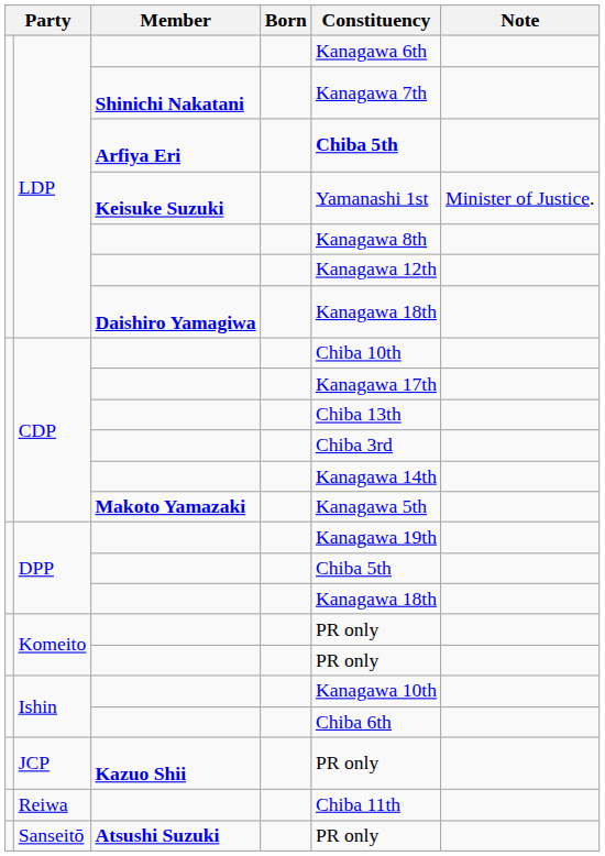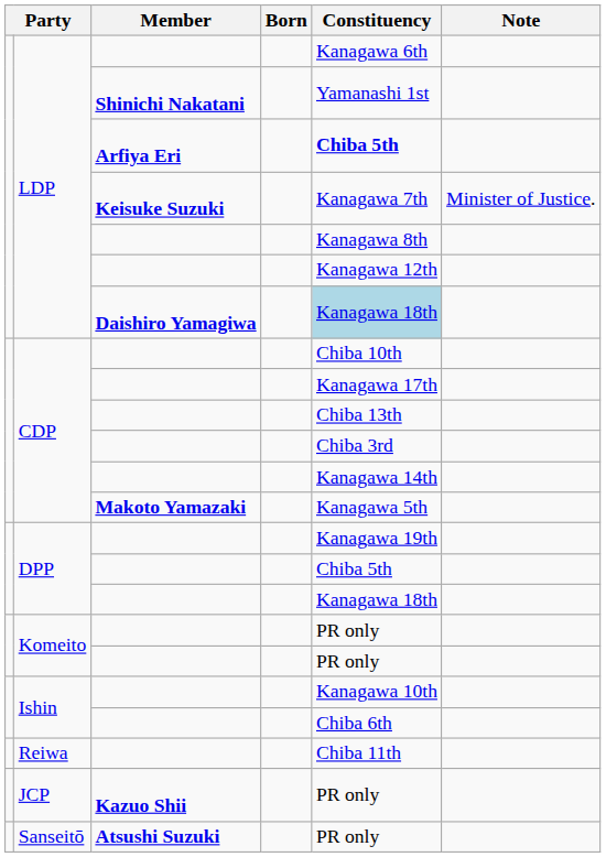 <table class="wikitable">
 <tr>
 <th colspan=2>Party</th>
 <th>Member</th>
 <th>Born</th>
 <th>Constituency</th>
 <th>Note</th>
 </tr>
 <tr>
 <td rowspan=7 style="background-color:"></td>
 <td rowspan=7><a href='#'>LDP</a></td>
 <td><br><strong></strong></td>
 <td></td>
 <td><a href='#'>Kanagawa 6th</a></td>
 <td></td>
 </tr>
 <tr>
 <td><br><strong><a href='#'>Shinichi Nakatani</a></strong></td>
 <td></td>
-<td><a href='#'>Kanagawa 7th</a></td>
+<td><a href='#'>Yamanashi 1st</a></td>
 <td></td>
 </tr>
 <tr>
 <td><br><strong><a href='#'>Arfiya Eri</a></strong></td>
 <td></td>
 <td><strong><a href='#'>Chiba 5th</a></strong></td>
 <td></td>
 </tr>
 <tr>
 <td><br><strong><a href='#'>Keisuke Suzuki</a></strong></td>
 <td></td>
-<td><a href='#'>Yamanashi 1st</a></td>
+<td><a href='#'>Kanagawa 7th</a></td>
 <td><a href='#'>Minister of Justice</a>.</td>
 </tr>
 <tr>
 <td><br><strong></strong></td>
 <td></td>
 <td><a href='#'>Kanagawa 8th</a></td>
 <td></td>
 </tr>
 <tr>
 <td><br><strong></strong></td>
 <td></td>
 <td><a href='#'>Kanagawa 12th</a></td>
 <td></td>
 </tr>
 <tr>
 <td><br><strong><a href='#'>Daishiro Yamagiwa</a></strong></td>
 <td></td>
-<td><a href='#'>Kanagawa 18th</a></td>
+<td style="background: lightblue;"><a href='#'>Kanagawa 18th</a></td>
 <td></td>
 </tr>
 <tr>
 <td rowspan=6 style="background-color:"></td>
 <td rowspan=6><a href='#'>CDP</a></td>
 <td><strong></strong></td>
 <td></td>
 <td><a href='#'>Chiba 10th</a></td>
 <td></td>
 </tr>
 <tr>
 <td><br><strong></strong></td>
 <td></td>
 <td><a href='#'>Kanagawa 17th</a></td>
 <td></td>
 </tr>
 <tr>
 <td><strong></strong></td>
 <td></td>
 <td><a href='#'>Chiba 13th</a></td>
 <td></td>
 </tr>
 <tr>
 <td><strong></strong></td>
 <td></td>
 <td><a href='#'>Chiba 3rd</a></td>
 <td></td>
 </tr>
 <tr>
 <td><strong></strong></td>
 <td></td>
 <td><a href='#'>Kanagawa 14th</a></td>
 <td></td>
 </tr>
 <tr>
 <td><strong><a href='#'>Makoto Yamazaki</a></strong></td>
 <td></td>
 <td><a href='#'>Kanagawa 5th</a></td>
 <td></td>
 </tr>
 <tr>
 <td rowspan=3 style="background-color:"></td>
 <td rowspan=3><a href='#'>DPP</a></td>
 <td><br><strong></strong></td>
 <td></td>
 <td><a href='#'>Kanagawa 19th</a></td>
 <td></td>
 </tr>
 <tr>
 <td><strong></strong></td>
 <td></td>
 <td><a href='#'>Chiba 5th</a></td>
 <td></td>
 </tr>
 <tr>
 <td><strong></strong></td>
 <td></td>
 <td><a href='#'>Kanagawa 18th</a></td>
 <td></td>
 </tr>
 <tr>
 <td rowspan=2 style="background-color:"></td>
 <td rowspan=2><a href='#'>Komeito</a></td>
 <td><br><strong></strong></td>
 <td></td>
 <td>PR only</td>
 <td></td>
 </tr>
 <tr>
 <td><strong></strong></td>
 <td></td>
 <td>PR only</td>
 <td></td>
 </tr>
 <tr>
 <td rowspan=2 style="background-color:"></td>
 <td rowspan=2><a href='#'>Ishin</a></td>
 <td><br><strong></strong></td>
 <td></td>
 <td><a href='#'>Kanagawa 10th</a></td>
 <td></td>
 </tr>
 <tr>
 <td><strong></strong></td>
 <td></td>
 <td><a href='#'>Chiba 6th</a></td>
 <td></td>
 </tr>
 <tr>
 <td style="background-color:"></td>
+<td><a href='#'>Reiwa</a></td>
+<td><strong></strong></td>
+<td></td>
+<td><a href='#'>Chiba 11th</a></td>
+<td></td>
+</tr>
+<tr>
+<td style="background-color:"></td>
 <td><a href='#'>JCP</a></td>
 <td><br><strong><a href='#'>Kazuo Shii</a></strong></td>
 <td></td>
 <td>PR only</td>
-<td></td>
-</tr>
-<tr>
-<td style="background-color:"></td>
-<td><a href='#'>Reiwa</a></td>
-<td><strong></strong></td>
-<td></td>
-<td><a href='#'>Chiba 11th</a></td>
 <td></td>
 </tr>
 <tr>
 <td style="background-color:"></td>
 <td><a href='#'>Sanseitō</a></td>
 <td><strong><a href='#'>Atsushi Suzuki</a></strong></td>
 <td></td>
 <td>PR only</td>
 <td></td>
 </tr>
 </table>
